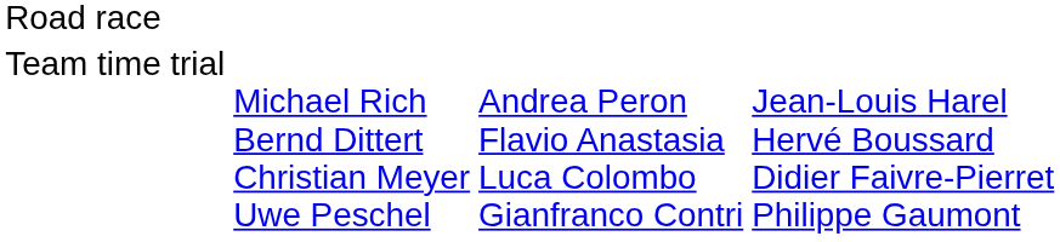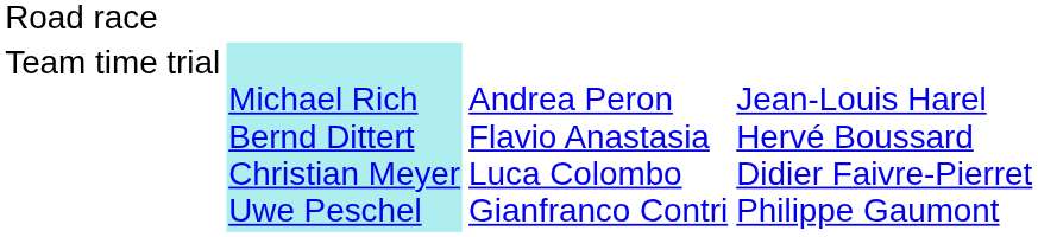 <table>
 <tr>
 <td>Road race<br></td>
 <td></td>
 <td></td>
 <td></td>
 </tr>
 <tr valign="top">
 <td>Team time trial<br></td>
-<td><br><a href='#'>Michael Rich</a><br><a href='#'>Bernd Dittert</a><br><a href='#'>Christian Meyer</a><br><a href='#'>Uwe Peschel</a></td>
+<td style="background: paleturquoise;"><br><a href='#'>Michael Rich</a><br><a href='#'>Bernd Dittert</a><br><a href='#'>Christian Meyer</a><br><a href='#'>Uwe Peschel</a></td>
 <td><br><a href='#'>Andrea Peron</a><br><a href='#'>Flavio Anastasia</a><br><a href='#'>Luca Colombo</a><br><a href='#'>Gianfranco Contri</a></td>
 <td><br><a href='#'>Jean-Louis Harel</a><br><a href='#'>Hervé Boussard</a><br><a href='#'>Didier Faivre-Pierret</a><br><a href='#'>Philippe Gaumont</a></td>
 </tr>
 <tr>
 </tr>
 </table>
